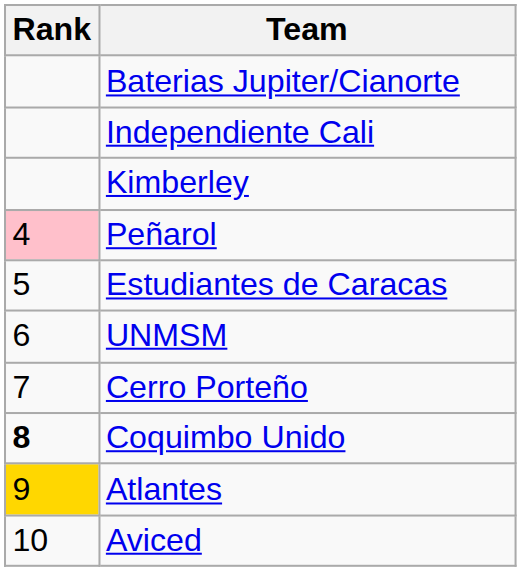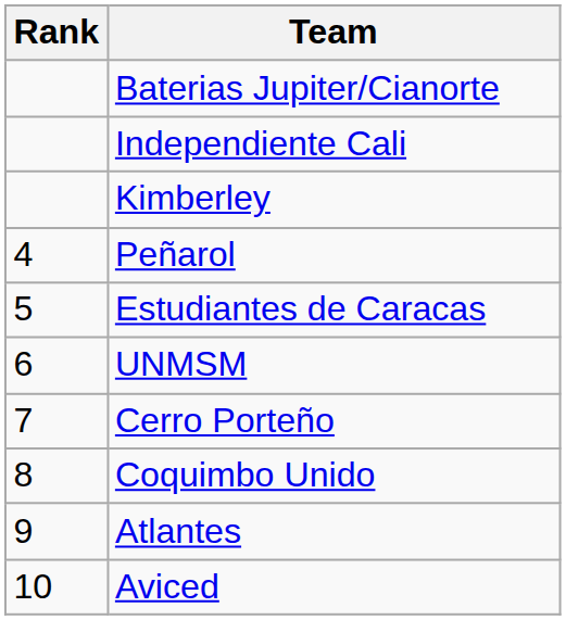 <table class="wikitable">
 <tr>
 <th width=30>Rank</th>
 <th width=200>Team</th>
 </tr>
 <tr>
 <td></td>
 <td> <a href='#'>Baterias Jupiter/Cianorte</a></td>
 </tr>
 <tr>
 <td></td>
 <td> <a href='#'>Independiente Cali</a></td>
 </tr>
 <tr>
 <td></td>
 <td> <a href='#'>Kimberley</a></td>
 </tr>
 <tr>
-<td style="background: pink;">4</td>
+<td>4</td>
 <td> <a href='#'>Peñarol</a></td>
 </tr>
 <tr>
 <td>5</td>
 <td> <a href='#'>Estudiantes de Caracas</a></td>
 </tr>
 <tr>
 <td>6</td>
 <td> <a href='#'>UNMSM</a></td>
 </tr>
 <tr>
 <td>7</td>
 <td> <a href='#'>Cerro Porteño</a></td>
 </tr>
 <tr>
-<td><strong>8</strong></td>
+<td>8</td>
 <td> <a href='#'>Coquimbo Unido</a></td>
 </tr>
 <tr>
-<td style="background: gold;">9</td>
+<td>9</td>
 <td> <a href='#'>Atlantes</a></td>
 </tr>
 <tr>
 <td>10</td>
 <td> <a href='#'>Aviced</a></td>
 </tr>
 </table>
